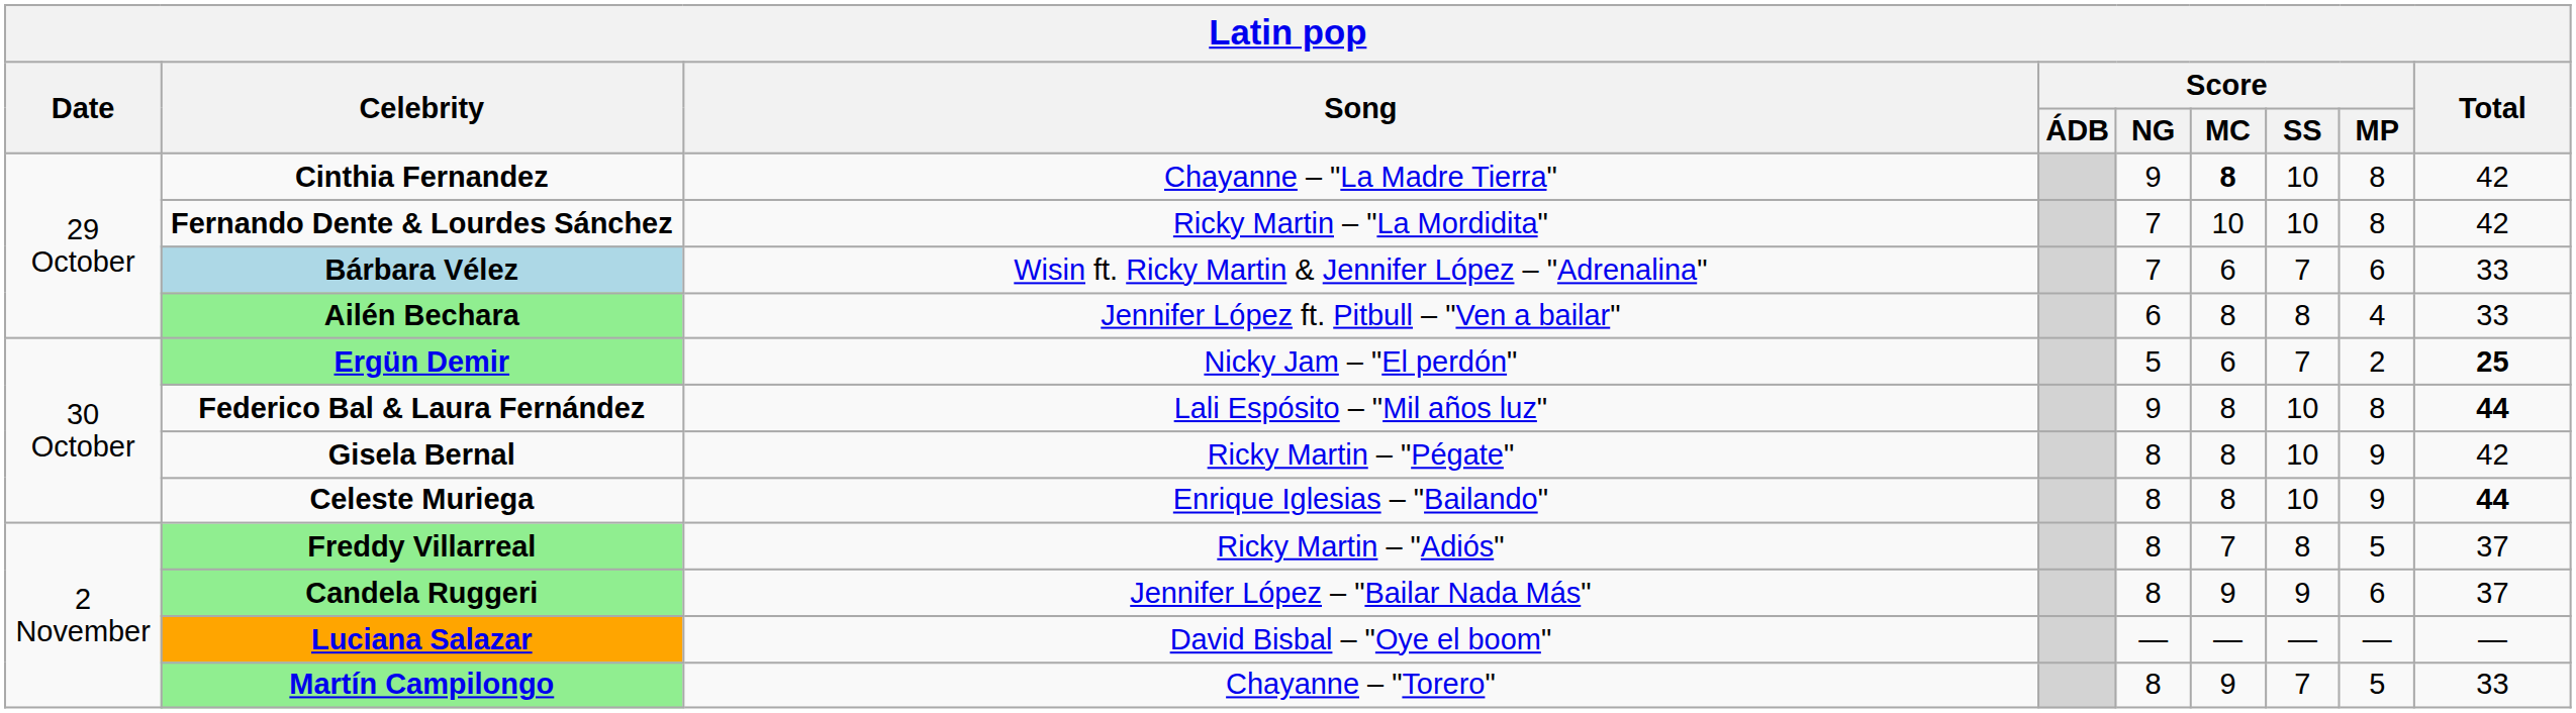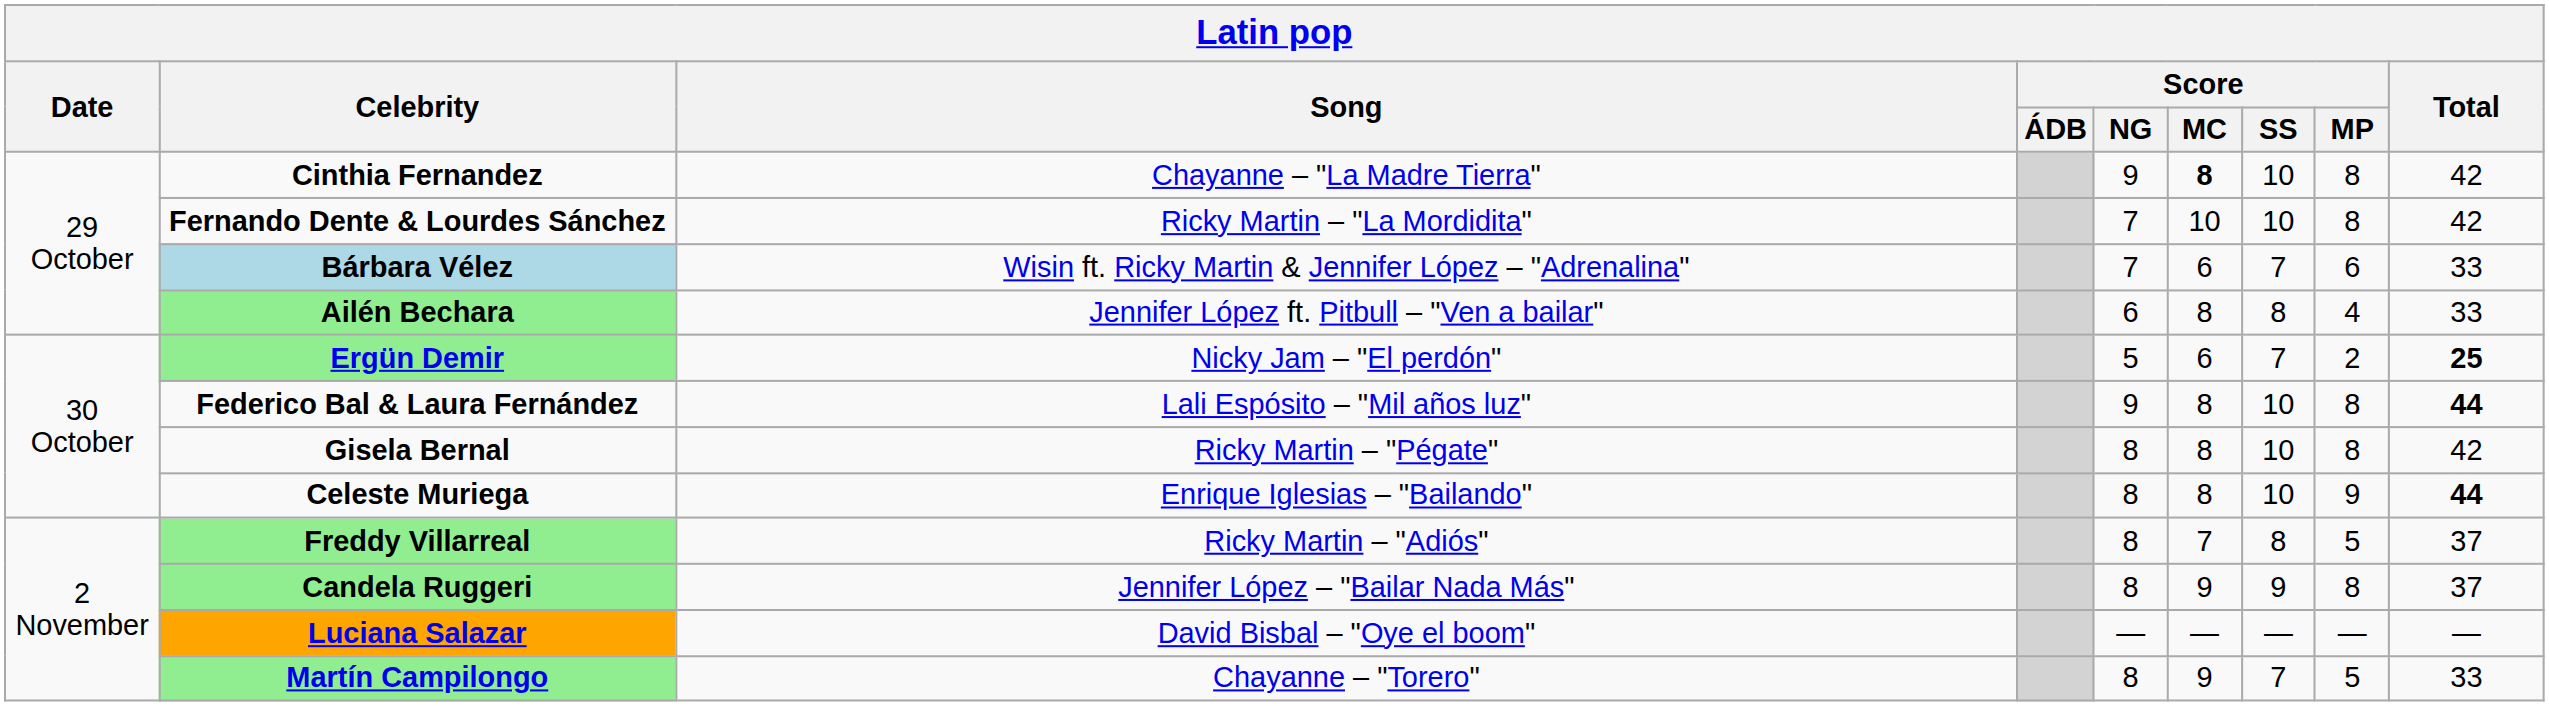 <table class="wikitable collapsible collapsed" style="font-size:90%; text-align: center; width: 100%;">
 <tr>
 <th colspan="11" style="with: 95%;" align=center><big><a href='#'>Latin pop</a></big></th>
 </tr>
 <tr>
 <th width=70 rowspan="2">Date</th>
 <th width=250 rowspan="2">Celebrity</th>
 <th rowspan="2">Song</th>
 <th colspan="5">Score</th>
 <th rowspan="2">Total</th>
 </tr>
 <tr>
 <th width=30>ÁDB</th>
 <th width=30>NG</th>
 <th width=30>MC</th>
 <th width=30>SS</th>
 <th width=30>MP</th>
 </tr>
 <tr>
 <td rowspan=4>29 October</td>
 <td><strong>Cinthia Fernandez</strong></td>
 <td><a href='#'>Chayanne</a> – "<a href='#'>La Madre Tierra</a>"</td>
 <td bgcolor="lightgray"></td>
 <td>9</td>
 <td><strong>8</strong></td>
 <td>10</td>
 <td>8</td>
 <td>42</td>
 </tr>
 <tr>
 <td><strong>Fernando Dente & Lourdes Sánchez</strong></td>
 <td><a href='#'>Ricky Martin</a> – "<a href='#'>La Mordidita</a>"</td>
 <td bgcolor="lightgray"></td>
 <td>7</td>
 <td>10</td>
 <td>10</td>
 <td>8</td>
 <td>42</td>
 </tr>
 <tr>
 <td bgcolor="lightblue"><strong>Bárbara Vélez</strong></td>
 <td><a href='#'>Wisin</a> ft. <a href='#'>Ricky Martin</a> & <a href='#'>Jennifer López</a> – "<a href='#'>Adrenalina</a>"</td>
 <td bgcolor="lightgray"></td>
 <td>7</td>
 <td>6</td>
 <td>7</td>
 <td>6</td>
 <td>33</td>
 </tr>
 <tr>
 <td bgcolor="lightgreen"><strong>Ailén Bechara</strong></td>
 <td><a href='#'>Jennifer López</a> ft. <a href='#'>Pitbull</a> – "<a href='#'>Ven a bailar</a>"</td>
 <td bgcolor="lightgray"></td>
 <td>6</td>
 <td>8</td>
 <td>8</td>
 <td>4</td>
 <td>33</td>
 </tr>
 <tr>
 <td rowspan=4>30 October</td>
 <td bgcolor="lightgreen"><strong><a href='#'>Ergün Demir</a></strong></td>
 <td><a href='#'>Nicky Jam</a> – "<a href='#'>El perdón</a>"</td>
 <td bgcolor="lightgray"></td>
 <td>5</td>
 <td>6</td>
 <td>7</td>
 <td>2</td>
 <td><span><strong>25</strong></span></td>
 </tr>
 <tr>
 <td><strong>Federico Bal & Laura Fernández</strong></td>
 <td><a href='#'>Lali Espósito</a> – "<a href='#'>Mil años luz</a>"</td>
 <td bgcolor="lightgray"></td>
 <td>9</td>
 <td>8</td>
 <td>10</td>
 <td>8</td>
 <td><span><strong>44</strong></span></td>
 </tr>
 <tr>
 <td><strong>Gisela Bernal</strong></td>
 <td><a href='#'>Ricky Martin</a> – "<a href='#'>Pégate</a>"</td>
 <td bgcolor="lightgray"></td>
 <td>8</td>
 <td>8</td>
 <td>10</td>
-<td>9</td>
+<td>8</td>
 <td>42</td>
 </tr>
 <tr>
 <td><strong>Celeste Muriega</strong></td>
 <td><a href='#'>Enrique Iglesias</a> – "<a href='#'>Bailando</a>"</td>
 <td bgcolor="lightgray"></td>
 <td>8</td>
 <td>8</td>
 <td>10</td>
 <td>9</td>
 <td><span><strong>44</strong></span></td>
 </tr>
 <tr>
 <td rowspan=4>2 November</td>
 <td bgcolor="lightgreen"><strong>Freddy Villarreal</strong></td>
 <td><a href='#'>Ricky Martin</a> – "<a href='#'>Adiós</a>"</td>
 <td bgcolor="lightgray"></td>
 <td>8</td>
 <td>7</td>
 <td>8</td>
 <td>5</td>
 <td>37</td>
 </tr>
 <tr>
 <td bgcolor="lightgreen"><strong>Candela Ruggeri</strong></td>
 <td><a href='#'>Jennifer López</a> – "<a href='#'>Bailar Nada Más</a>"</td>
 <td bgcolor="lightgray"></td>
 <td>8</td>
 <td>9</td>
 <td>9</td>
-<td>6</td>
+<td>8</td>
 <td>37</td>
 </tr>
 <tr>
 <td bgcolor="Orange"><strong><a href='#'>Luciana Salazar</a></strong></td>
 <td><a href='#'>David Bisbal</a> – "<a href='#'>Oye el boom</a>"</td>
 <td bgcolor="lightgray"></td>
 <td>—</td>
 <td>—</td>
 <td>—</td>
 <td>—</td>
 <td>—</td>
 </tr>
 <tr>
 <td bgcolor="lightgreen"><strong><a href='#'>Martín Campilongo</a></strong></td>
 <td><a href='#'>Chayanne</a> – "<a href='#'>Torero</a>"</td>
 <td bgcolor="lightgray"></td>
 <td>8</td>
 <td>9</td>
 <td>7</td>
 <td>5</td>
 <td>33</td>
 </tr>
 </table>
